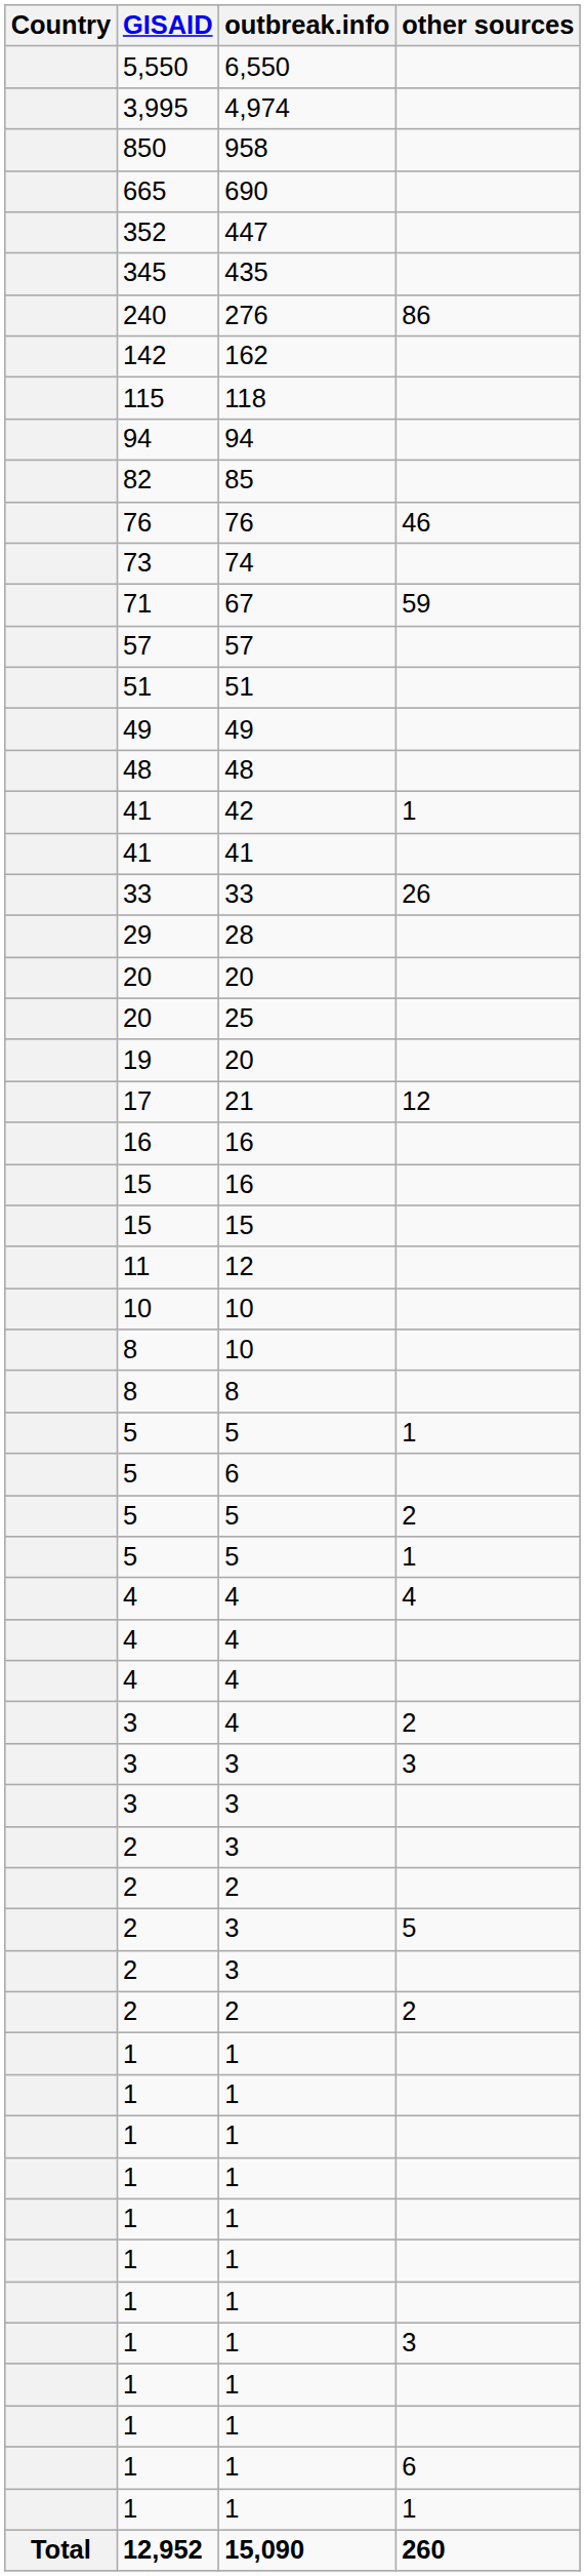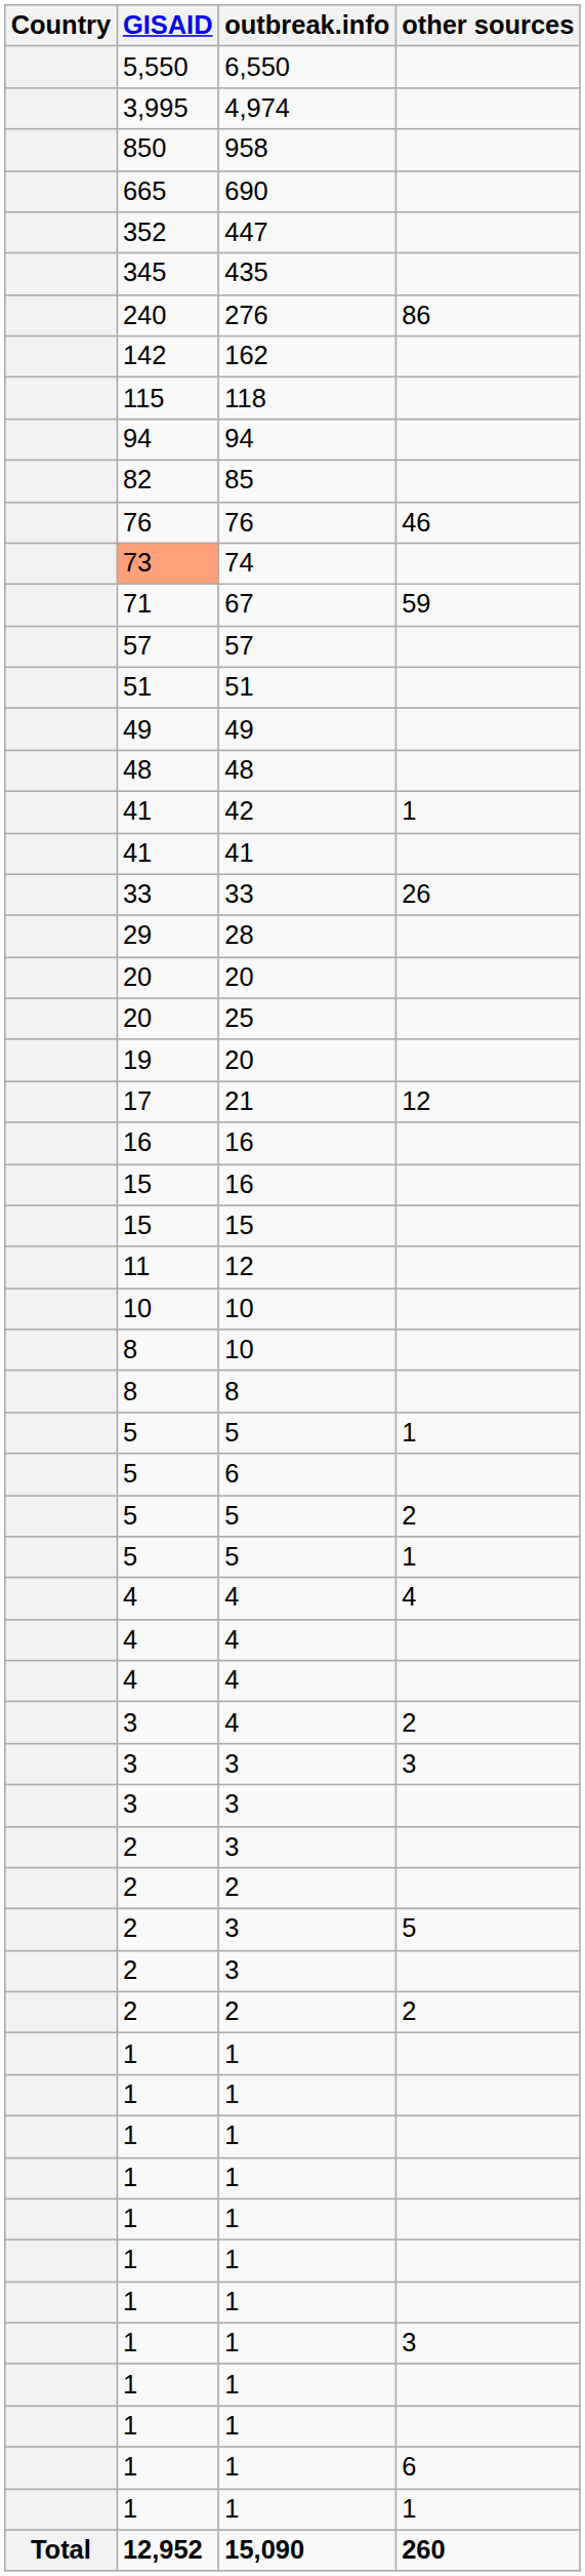 <table class="wikitable sortable plainrowheaders">
 <tr>
 <th>Country</th>
 <th><a href='#'>GISAID</a></th>
 <th>outbreak.info</th>
 <th>other sources</th>
 </tr>
 <tr>
 <th scope="row"></th>
 <td>5,550</td>
 <td>6,550</td>
 <td></td>
 </tr>
 <tr>
 <th scope="row"></th>
 <td>3,995</td>
 <td>4,974</td>
 <td></td>
 </tr>
 <tr>
 <th scope="row"></th>
 <td>850</td>
 <td>958</td>
 <td></td>
 </tr>
 <tr>
 <th scope="row"></th>
 <td>665</td>
 <td>690</td>
 <td></td>
 </tr>
 <tr>
 <th scope="row"></th>
 <td>352</td>
 <td>447</td>
 <td></td>
 </tr>
 <tr>
 <th scope="row"></th>
 <td>345</td>
 <td>435</td>
 <td></td>
 </tr>
 <tr>
 <th scope="row"></th>
 <td>240</td>
 <td>276</td>
 <td>86</td>
 </tr>
 <tr>
 <th scope="row"></th>
 <td>142</td>
 <td>162</td>
 <td></td>
 </tr>
 <tr>
 <th scope="row"></th>
 <td>115</td>
 <td>118</td>
 <td></td>
 </tr>
 <tr>
 <th scope="row"></th>
 <td>94</td>
 <td>94</td>
 <td></td>
 </tr>
 <tr>
 <th scope="row"></th>
 <td>82</td>
 <td>85</td>
 <td></td>
 </tr>
 <tr>
 <th scope="row"></th>
 <td>76</td>
 <td>76</td>
 <td>46</td>
 </tr>
 <tr>
 <th scope="row"></th>
-<td>73</td>
+<td style="background: lightsalmon;">73</td>
 <td>74</td>
 <td></td>
 </tr>
 <tr>
 <th scope="row"></th>
 <td>71</td>
 <td>67</td>
 <td>59</td>
 </tr>
 <tr>
 <th scope="row"></th>
 <td>57</td>
 <td>57</td>
 <td></td>
 </tr>
 <tr>
 <th scope="row"></th>
 <td>51</td>
 <td>51</td>
 <td></td>
 </tr>
 <tr>
 <th scope="row"></th>
 <td>49</td>
 <td>49</td>
 <td></td>
 </tr>
 <tr>
 <th scope="row"></th>
 <td>48</td>
 <td>48</td>
 <td></td>
 </tr>
 <tr>
 <th scope="row"></th>
 <td>41</td>
 <td>42</td>
 <td>1</td>
 </tr>
 <tr>
 <th scope="row"></th>
 <td>41</td>
 <td>41</td>
 <td></td>
 </tr>
 <tr>
 <th scope="row"></th>
 <td>33</td>
 <td>33</td>
 <td>26</td>
 </tr>
 <tr>
 <th scope="row"></th>
 <td>29</td>
 <td>28</td>
 <td></td>
 </tr>
 <tr>
 <th scope="row"></th>
 <td>20</td>
 <td>20</td>
 <td></td>
 </tr>
 <tr>
 <th scope="row"></th>
 <td>20</td>
 <td>25</td>
 <td></td>
 </tr>
 <tr>
 <th scope="row"></th>
 <td>19</td>
 <td>20</td>
 <td></td>
 </tr>
 <tr>
 <th scope="row"></th>
 <td>17</td>
 <td>21</td>
 <td>12</td>
 </tr>
 <tr>
 <th scope="row"></th>
 <td>16</td>
 <td>16</td>
 <td></td>
 </tr>
 <tr>
 <th scope="row"></th>
 <td>15</td>
 <td>16</td>
 <td></td>
 </tr>
 <tr>
 <th scope="row"></th>
 <td>15</td>
 <td>15</td>
 <td></td>
 </tr>
 <tr>
 <th scope="row"></th>
 <td>11</td>
 <td>12</td>
 <td></td>
 </tr>
 <tr>
 <th scope="row"></th>
 <td>10</td>
 <td>10</td>
 <td></td>
 </tr>
 <tr>
 <th scope="row"></th>
 <td>8</td>
 <td>10</td>
 <td></td>
 </tr>
 <tr>
 <th scope="row"></th>
 <td>8</td>
 <td>8</td>
 <td></td>
 </tr>
 <tr>
 <th scope="row"></th>
 <td>5</td>
 <td>5</td>
 <td>1</td>
 </tr>
 <tr>
 <th scope="row"></th>
 <td>5</td>
 <td>6</td>
 <td></td>
 </tr>
 <tr>
 <th scope="row"></th>
 <td>5</td>
 <td>5</td>
 <td>2</td>
 </tr>
 <tr>
 <th scope="row"></th>
 <td>5</td>
 <td>5</td>
 <td>1</td>
 </tr>
 <tr>
 <th scope="row"></th>
 <td>4</td>
 <td>4</td>
 <td style="text-align:left">4</td>
 </tr>
 <tr>
 <th scope="row"></th>
 <td>4</td>
 <td>4</td>
 <td></td>
 </tr>
 <tr>
 <th scope="row"></th>
 <td>4</td>
 <td>4</td>
 <td></td>
 </tr>
 <tr>
 <th scope="row"></th>
 <td>3</td>
 <td>4</td>
 <td style="text-align:left">2</td>
 </tr>
 <tr>
 <th scope="row"></th>
 <td>3</td>
 <td>3</td>
 <td>3</td>
 </tr>
 <tr>
 <th scope="row"></th>
 <td>3</td>
 <td>3</td>
 <td></td>
 </tr>
 <tr>
 <th scope="row"></th>
 <td>2</td>
 <td>3</td>
 <td></td>
 </tr>
 <tr>
 <th scope="row"></th>
 <td>2</td>
 <td>2</td>
 <td></td>
 </tr>
 <tr>
 <th scope="row"></th>
 <td>2</td>
 <td>3</td>
 <td>5</td>
 </tr>
 <tr>
 <th scope="row"></th>
 <td>2</td>
 <td>3</td>
 <td></td>
 </tr>
 <tr>
 <th scope="row"></th>
 <td>2</td>
 <td>2</td>
 <td>2</td>
 </tr>
 <tr>
 <th scope="row"></th>
 <td>1</td>
 <td>1</td>
 <td></td>
 </tr>
 <tr>
 <th scope="row"></th>
 <td>1</td>
 <td>1</td>
 <td></td>
 </tr>
 <tr>
 <th scope="row"></th>
 <td>1</td>
 <td>1</td>
 <td></td>
 </tr>
 <tr>
 <th scope="row"></th>
 <td>1</td>
 <td>1</td>
 <td></td>
 </tr>
 <tr>
 <th scope="row"></th>
 <td>1</td>
 <td>1</td>
 <td></td>
 </tr>
 <tr>
 <th scope="row"></th>
 <td>1</td>
 <td>1</td>
 <td></td>
 </tr>
 <tr>
 <th scope="row"></th>
 <td>1</td>
 <td>1</td>
 <td></td>
 </tr>
 <tr>
 <th scope="row"></th>
 <td>1</td>
 <td>1</td>
 <td>3</td>
 </tr>
 <tr>
 <th scope="row"></th>
 <td>1</td>
 <td>1</td>
 <td></td>
 </tr>
 <tr>
 <th scope="row"></th>
 <td>1</td>
 <td>1</td>
 <td></td>
 </tr>
 <tr>
 <th scope="row"></th>
 <td>1</td>
 <td>1</td>
 <td>6</td>
 </tr>
 <tr>
 <th scope="row"></th>
 <td>1</td>
 <td>1</td>
 <td>1</td>
 </tr>
 <tr class="sortbottom">
 <th scope="row"><strong>Total</strong></th>
 <td><strong>12,952</strong></td>
 <td><strong>15,090</strong></td>
 <td><strong>260</strong></td>
 </tr>
 </table>
